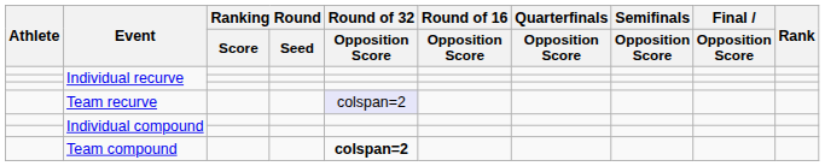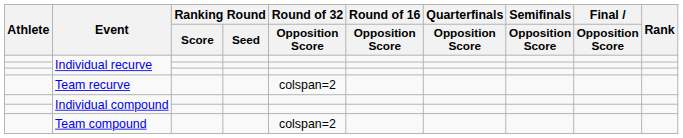 <table class="wikitable" style="font-size:90%">
 <tr>
 <th rowspan="2">Athlete</th>
 <th rowspan="2">Event</th>
 <th colspan="2">Ranking Round</th>
 <th>Round of 32</th>
 <th>Round of 16</th>
 <th>Quarterfinals</th>
 <th>Semifinals</th>
 <th>Final / </th>
 <th rowspan="2">Rank</th>
 </tr>
 <tr style="font-size:95%">
 <th>Score</th>
 <th>Seed</th>
 <th>Opposition<br>Score</th>
 <th>Opposition<br>Score</th>
 <th>Opposition<br>Score</th>
 <th>Opposition<br>Score</th>
 <th>Opposition<br>Score</th>
 </tr>
 <tr align=center>
 <td align=left></td>
 <td align=left rowspan=3><a href='#'>Individual recurve</a></td>
 <td></td>
 <td></td>
 <td></td>
 <td></td>
 <td></td>
 <td></td>
 <td></td>
 <td></td>
 </tr>
 <tr align=center>
 <td align=left></td>
 <td></td>
 <td></td>
 <td></td>
 <td></td>
 <td></td>
 <td></td>
 <td></td>
 <td></td>
 </tr>
 <tr align=center>
 <td align=left></td>
 <td></td>
 <td></td>
 <td></td>
 <td></td>
 <td></td>
 <td></td>
 <td></td>
 <td></td>
 </tr>
 <tr align=center>
 <td align=left></td>
 <td align=left><a href='#'>Team recurve</a></td>
 <td></td>
 <td></td>
-<td style="background: lavender;">colspan=2 </td>
+<td>colspan=2 </td>
 <td></td>
 <td></td>
 <td></td>
 <td></td>
 </tr>
 <tr align=center>
 <td align=left></td>
 <td align=left rowspan=2><a href='#'>Individual compound</a></td>
 <td></td>
 <td></td>
 <td></td>
 <td></td>
 <td></td>
 <td></td>
 <td></td>
 <td></td>
 </tr>
 <tr align=center>
 <td align=left></td>
 <td></td>
 <td></td>
 <td></td>
 <td></td>
 <td></td>
 <td></td>
 <td></td>
 <td></td>
 </tr>
 <tr align=center>
 <td align=left></td>
 <td align=left><a href='#'>Team compound</a></td>
 <td></td>
 <td></td>
-<td><strong>colspan=2 </strong></td>
+<td>colspan=2 </td>
 <td></td>
 <td></td>
 <td></td>
 <td></td>
 </tr>
 </table>
